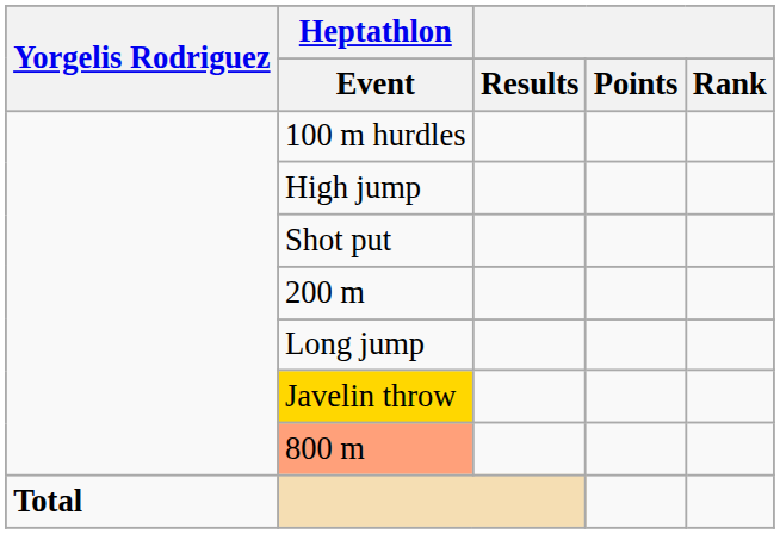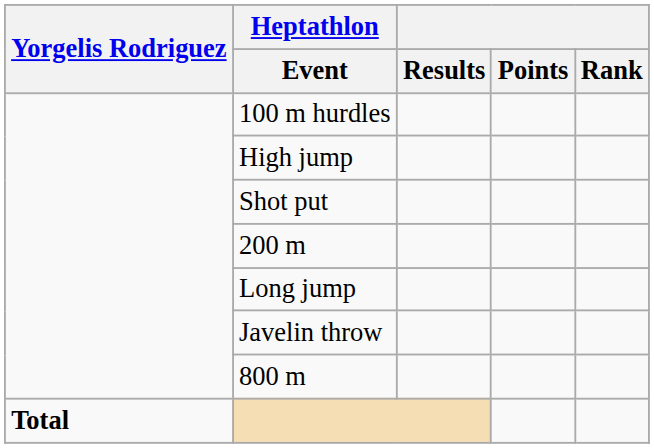 <table class=wikitable style="font-size:90%;">
 <tr>
 <th rowspan="2"><a href='#'>Yorgelis Rodriguez</a></th>
 <th><a href='#'>Heptathlon</a></th>
 <th colspan="3"></th>
 </tr>
 <tr>
 <th>Event</th>
 <th>Results</th>
 <th>Points</th>
 <th>Rank</th>
 </tr>
 <tr style="border-top: single;">
 <td rowspan="7"></td>
 <td>100 m hurdles</td>
 <td align=center></td>
 <td align=center></td>
 <td align=center></td>
 </tr>
 <tr>
 <td>High jump</td>
 <td align=center></td>
 <td align=center></td>
 <td align=center></td>
 </tr>
 <tr>
 <td>Shot put</td>
 <td align=center></td>
 <td align=center></td>
 <td align=center></td>
 </tr>
 <tr>
 <td>200 m</td>
 <td align=center></td>
 <td align=center></td>
 <td align=center></td>
 </tr>
 <tr>
 <td>Long jump</td>
 <td align=center></td>
 <td align=center></td>
 <td align=center></td>
 </tr>
 <tr>
-<td style="background: gold;">Javelin throw</td>
+<td>Javelin throw</td>
 <td align=center></td>
 <td align=center></td>
 <td align=center></td>
 </tr>
 <tr>
-<td style="background: lightsalmon;">800 m</td>
+<td>800 m</td>
 <td align=center></td>
 <td align=center></td>
 <td align=center></td>
 </tr>
 <tr style="border-top: single;">
 <td><strong>Total</strong></td>
 <td colspan="2" style="background:wheat;"></td>
 <td align=center></td>
 <td align=center></td>
 </tr>
 </table>
